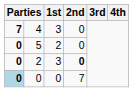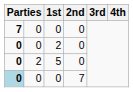 <table class="wikitable" style="text-align:right;">
 <tr>
 <th colspan=2 style="text-align:left;">Parties</th>
 <th>1st</th>
 <th>2nd</th>
 <th>3rd</th>
 <th>4th</th>
 </tr>
 <tr>
 <td><strong>7</strong></td>
-<td>4</td>
-<td>3</td>
+<td>0</td>
+<td>0</td>
 <td>0</td>
 </tr>
 <tr>
 <td><strong>0</strong></td>
-<td>5</td>
+<td>0</td>
 <td>2</td>
 <td>0</td>
 </tr>
 <tr>
 <td><strong>0</strong></td>
 <td>2</td>
-<td>3</td>
-<td><strong>0</strong></td>
+<td>5</td>
+<td>0</td>
 </tr>
 <tr>
 <td style="background: lightblue;"><strong>0</strong></td>
 <td>0</td>
 <td>0</td>
 <td>7</td>
 </tr>
 </table>
